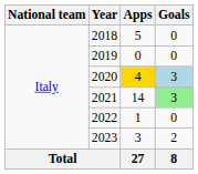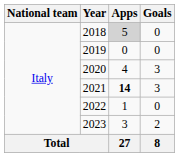 <table class="wikitable" style="text-align:center">
 <tr>
 <th>National team</th>
 <th>Year</th>
 <th>Apps</th>
 <th>Goals</th>
 </tr>
 <tr>
 <td rowspan="6"><a href='#'>Italy</a></td>
 <td>2018</td>
-<td>5</td>
+<td style="background: lightgrey;">5</td>
 <td>0</td>
 </tr>
 <tr>
 <td>2019</td>
 <td>0</td>
 <td>0</td>
 </tr>
 <tr>
 <td>2020</td>
-<td style="background: gold;">4</td>
-<td style="background: lightblue;">3</td>
+<td>4</td>
+<td>3</td>
 </tr>
 <tr>
 <td>2021</td>
-<td>14</td>
-<td style="background: lightgreen;">3</td>
+<td><strong>14</strong></td>
+<td>3</td>
 </tr>
 <tr>
 <td>2022</td>
 <td>1</td>
 <td>0</td>
 </tr>
 <tr>
 <td>2023</td>
 <td>3</td>
 <td>2</td>
 </tr>
 <tr>
 <th colspan="2">Total</th>
 <th>27</th>
 <th>8</th>
 </tr>
 </table>
